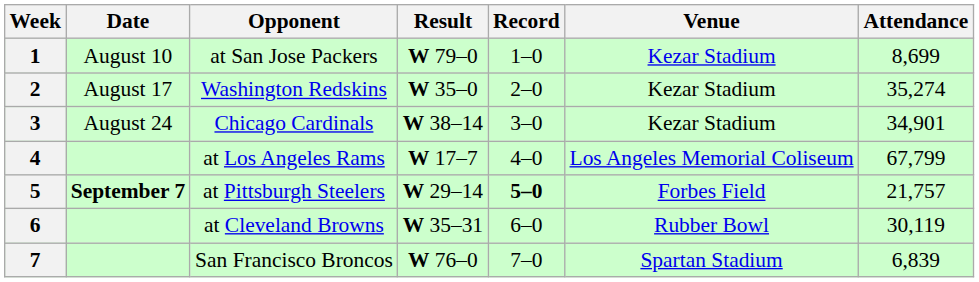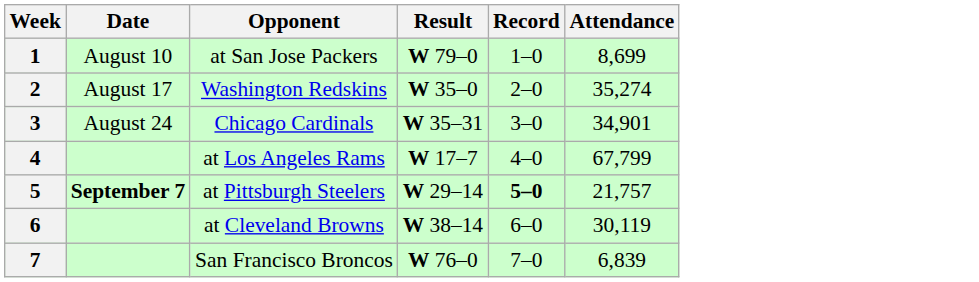 <table class="wikitable" style="text-align:center">
 <tr>
 <th>Week</th>
 <th>Date</th>
 <th>Opponent</th>
 <th>Result</th>
 <th>Record</th>
-<th>Venue</th>
 <th>Attendance</th>
 </tr>
 <tr style="background:#cfc">
 <th>1</th>
 <td>August 10</td>
 <td>at San Jose Packers</td>
 <td><strong>W</strong> 79–0</td>
 <td>1–0</td>
-<td><a href='#'>Kezar Stadium</a></td>
 <td>8,699</td>
 </tr>
 <tr style="background:#cfc">
 <th>2</th>
 <td>August 17</td>
 <td><a href='#'>Washington Redskins</a></td>
 <td><strong>W</strong> 35–0</td>
 <td>2–0</td>
-<td>Kezar Stadium</td>
 <td>35,274</td>
 </tr>
 <tr style="background:#cfc">
 <th>3</th>
 <td>August 24</td>
 <td><a href='#'>Chicago Cardinals</a></td>
-<td><strong>W</strong> 38–14</td>
+<td><strong>W</strong> 35–31</td>
 <td>3–0</td>
-<td>Kezar Stadium</td>
 <td>34,901</td>
 </tr>
 <tr style="background:#cfc">
 <th>4</th>
 <td></td>
 <td>at <a href='#'>Los Angeles Rams</a></td>
 <td><strong>W</strong> 17–7</td>
 <td>4–0</td>
-<td><a href='#'>Los Angeles Memorial Coliseum</a></td>
 <td>67,799</td>
 </tr>
 <tr style="background:#cfc">
 <th>5</th>
 <td><strong>September 7</strong></td>
 <td>at <a href='#'>Pittsburgh Steelers</a></td>
 <td><strong>W</strong> 29–14</td>
 <td><strong>5–0</strong></td>
-<td><a href='#'>Forbes Field</a></td>
 <td>21,757</td>
 </tr>
 <tr style="background:#cfc">
 <th>6</th>
 <td></td>
 <td>at <a href='#'>Cleveland Browns</a></td>
-<td><strong>W</strong> 35–31</td>
+<td><strong>W</strong> 38–14</td>
 <td>6–0</td>
-<td><a href='#'>Rubber Bowl</a></td>
 <td>30,119</td>
 </tr>
 <tr style="background:#cfc">
 <th>7</th>
 <td></td>
 <td>San Francisco Broncos</td>
 <td><strong>W</strong> 76–0</td>
 <td>7–0</td>
-<td><a href='#'>Spartan Stadium</a></td>
 <td>6,839</td>
 </tr>
 </table>
